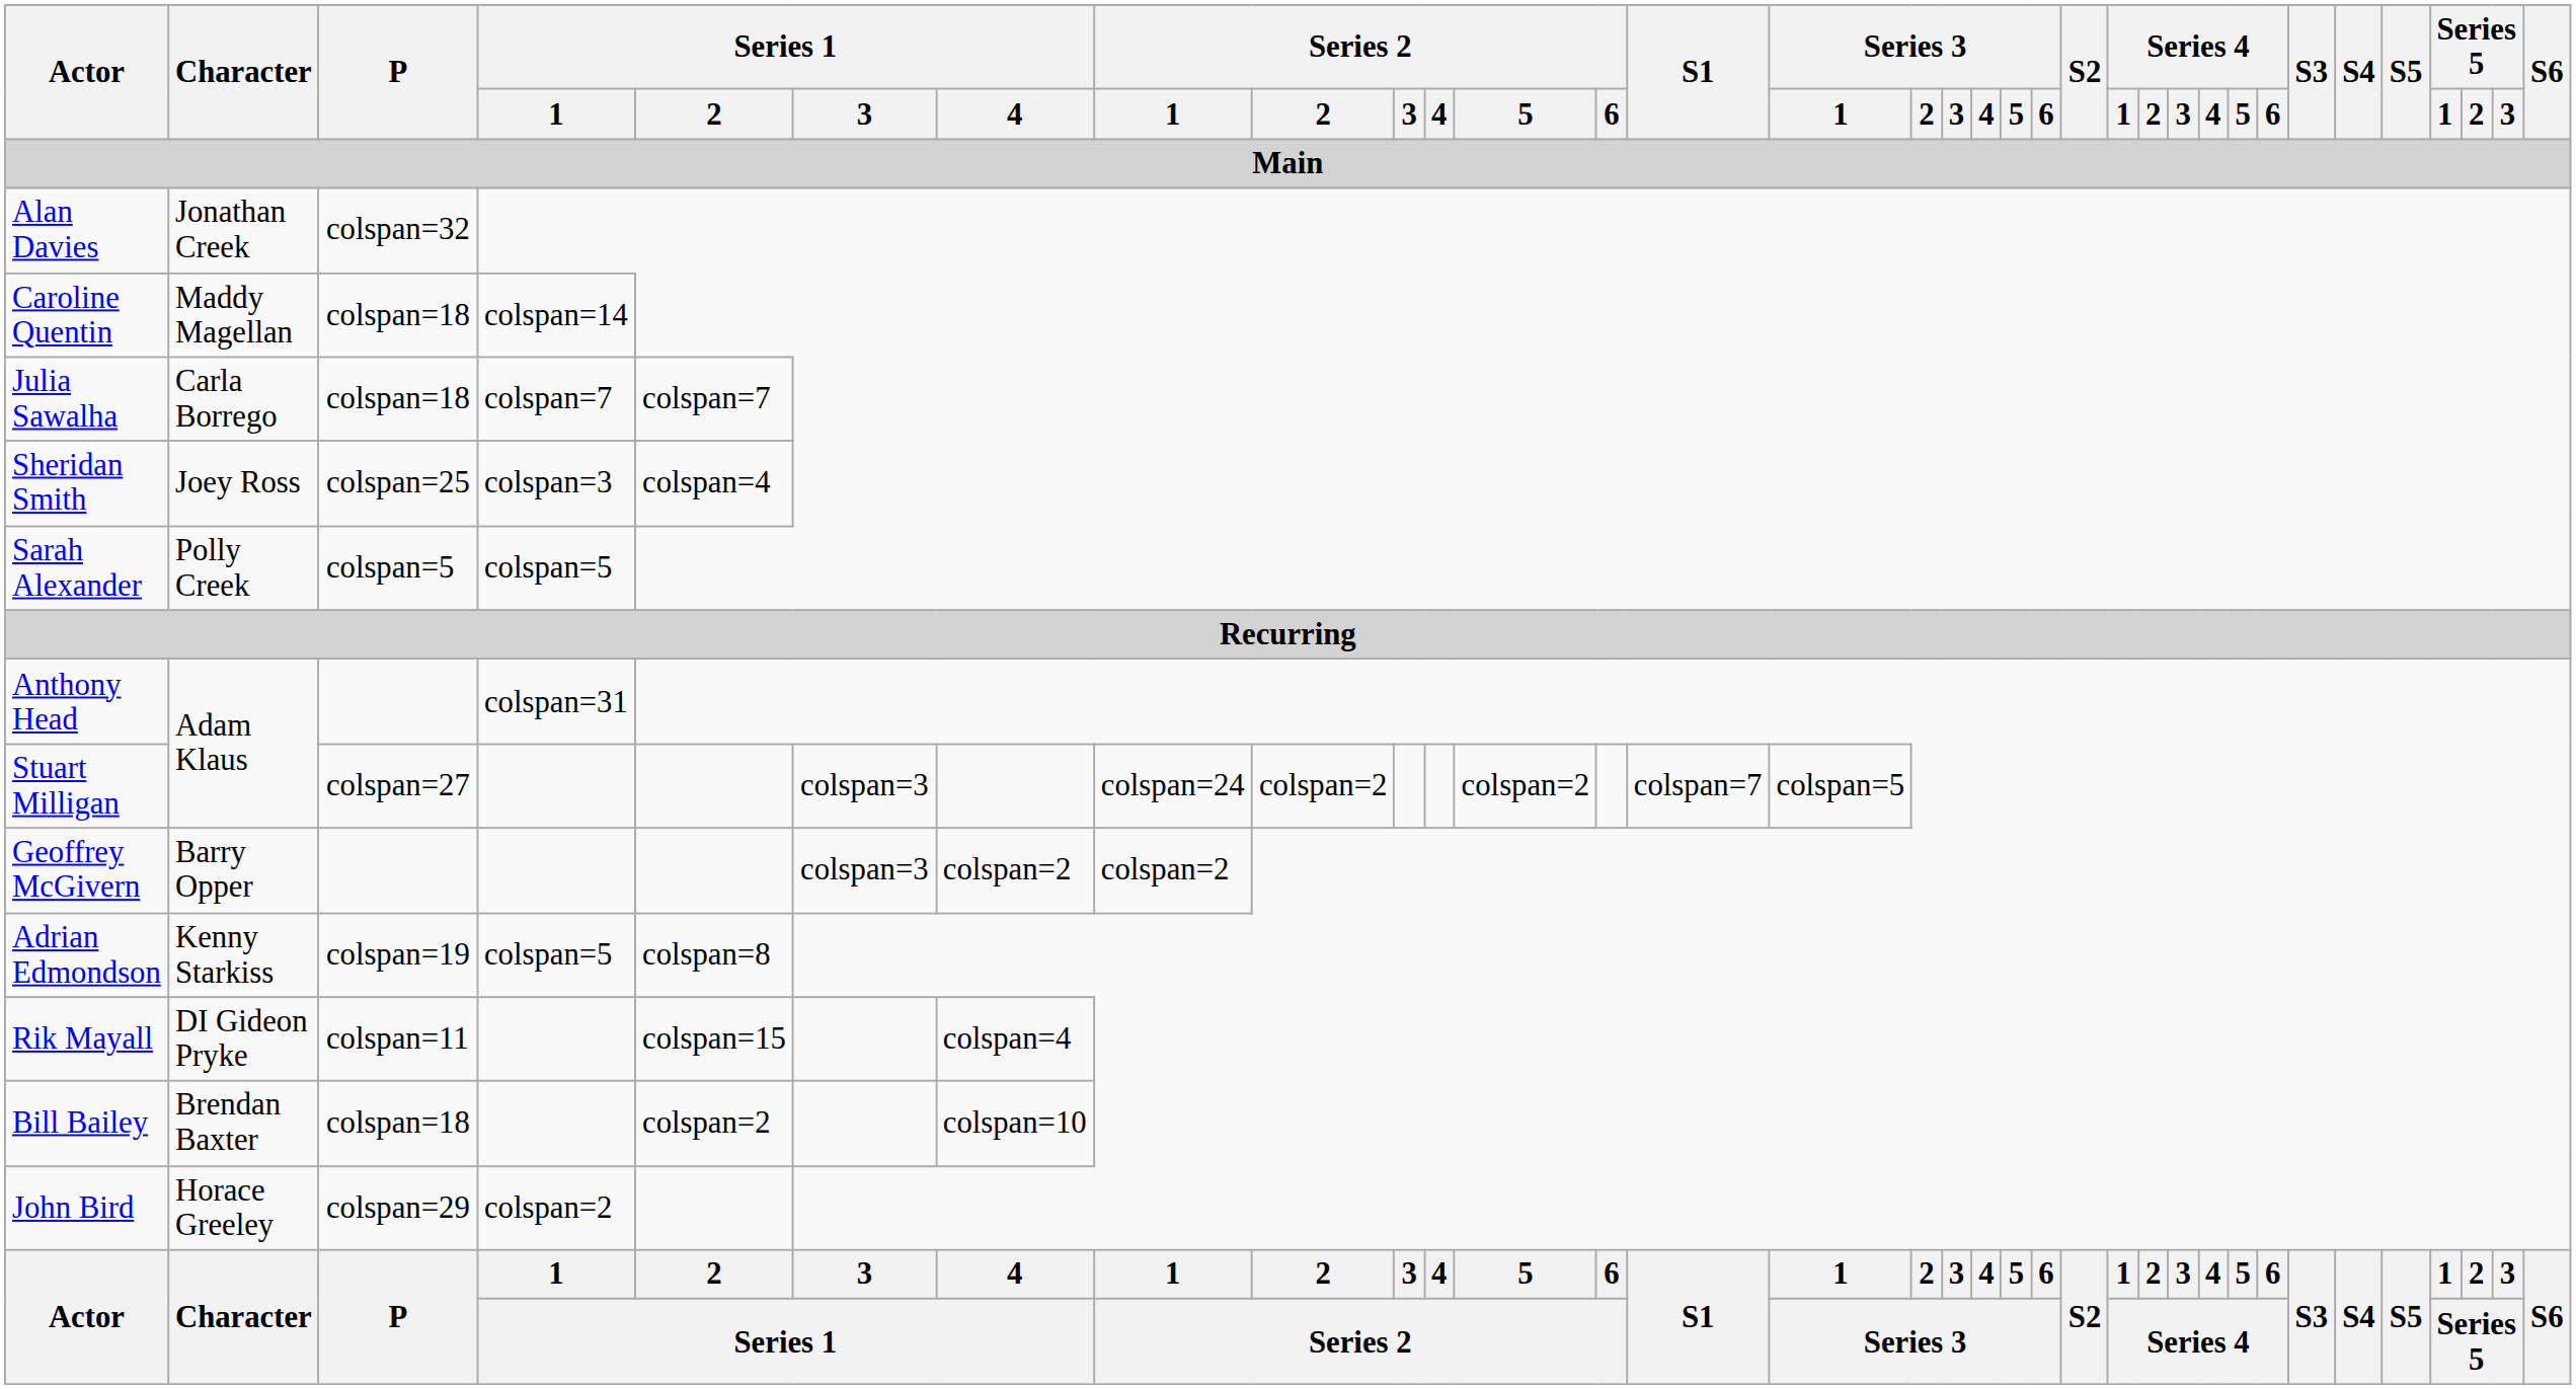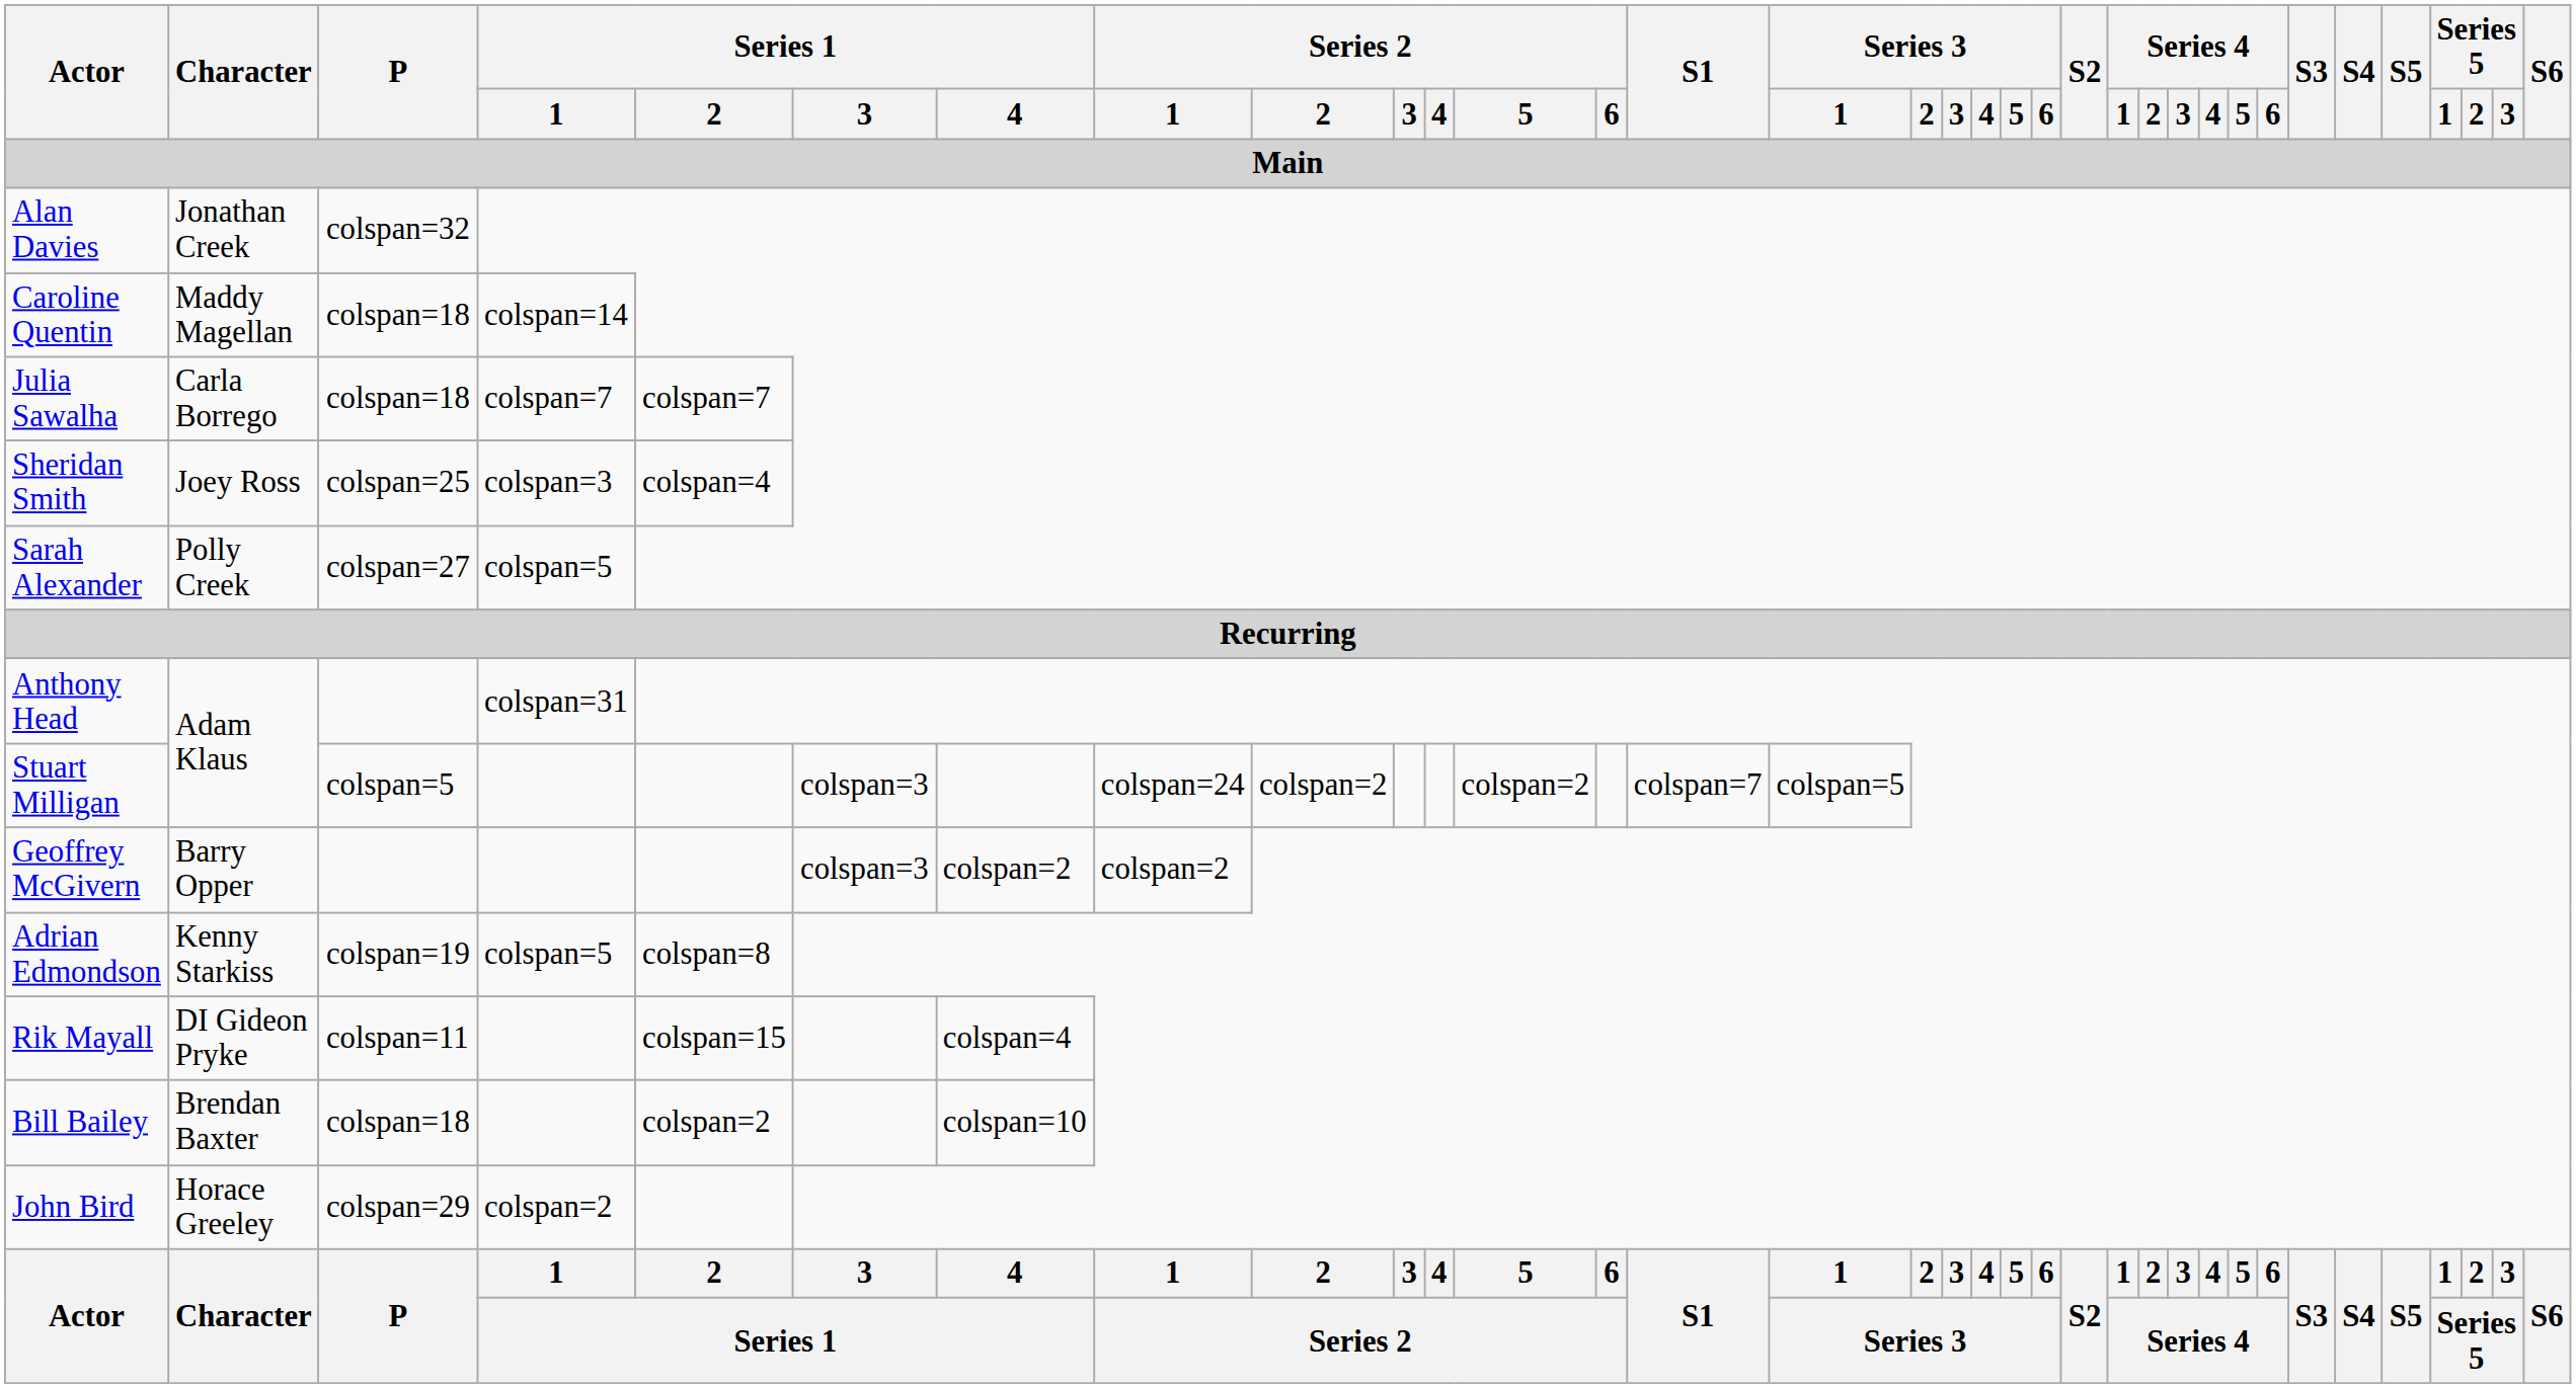 <table class="wikitable planrowheaders" style="width: 100%; margin-right: 0;">
 <tr>
 <th rowspan=2>Actor</th>
 <th rowspan=2>Character</th>
 <th rowspan=2>P</th>
 <th colspan=4>Series 1</th>
 <th colspan=6>Series 2</th>
 <th rowspan=2>S1</th>
 <th colspan=6>Series 3</th>
 <th rowspan=2>S2</th>
 <th colspan=6>Series 4</th>
 <th rowspan=2>S3</th>
 <th rowspan=2>S4</th>
 <th rowspan=2>S5</th>
 <th colspan=3>Series 5</th>
 <th rowspan=2>S6</th>
 </tr>
 <tr>
 <th>1</th>
 <th>2</th>
 <th>3</th>
 <th>4</th>
 <th>1</th>
 <th>2</th>
 <th>3</th>
 <th>4</th>
 <th>5</th>
 <th>6</th>
 <th>1</th>
 <th>2</th>
 <th>3</th>
 <th>4</th>
 <th>5</th>
 <th>6</th>
 <th>1</th>
 <th>2</th>
 <th>3</th>
 <th>4</th>
 <th>5</th>
 <th>6</th>
 <th>1</th>
 <th>2</th>
 <th>3</th>
 </tr>
 <tr>
 <th colspan="34" style="background:lightgrey;"><strong>Main</strong></th>
 </tr>
 <tr>
 <td><a href='#'>Alan Davies</a></td>
 <td>Jonathan Creek</td>
 <td>colspan=32 </td>
 </tr>
 <tr>
 <td><a href='#'>Caroline Quentin</a></td>
 <td>Maddy Magellan</td>
 <td>colspan=18 </td>
 <td>colspan=14 </td>
 </tr>
 <tr>
 <td><a href='#'>Julia Sawalha</a></td>
 <td>Carla Borrego</td>
 <td>colspan=18 </td>
 <td>colspan=7 </td>
 <td>colspan=7 </td>
 </tr>
 <tr>
 <td><a href='#'>Sheridan Smith</a></td>
 <td>Joey Ross</td>
 <td>colspan=25 </td>
 <td>colspan=3 </td>
 <td>colspan=4 </td>
 </tr>
 <tr>
 <td><a href='#'>Sarah Alexander</a></td>
 <td>Polly Creek</td>
-<td>colspan=5 </td>
+<td>colspan=27 </td>
 <td>colspan=5 </td>
 </tr>
 <tr>
 <th colspan="34" style="background:lightgrey;"><strong>Recurring</strong></th>
 </tr>
 <tr>
 <td><a href='#'>Anthony Head</a></td>
 <td rowspan=2>Adam Klaus</td>
 <td></td>
 <td>colspan=31 </td>
 </tr>
 <tr>
 <td><a href='#'>Stuart Milligan</a></td>
-<td>colspan=27 </td>
+<td>colspan=5 </td>
 <td></td>
 <td></td>
 <td>colspan=3 </td>
 <td></td>
 <td>colspan=24 </td>
 <td>colspan=2 </td>
 <td></td>
 <td></td>
 <td>colspan=2 </td>
 <td></td>
 <td>colspan=7 </td>
 <td>colspan=5 </td>
 </tr>
 <tr>
 <td><a href='#'>Geoffrey McGivern</a></td>
 <td>Barry Opper</td>
 <td></td>
 <td></td>
 <td></td>
 <td>colspan=3 </td>
 <td>colspan=2 </td>
 <td>colspan=2 </td>
 </tr>
 <tr>
 <td><a href='#'>Adrian Edmondson</a></td>
 <td>Kenny Starkiss</td>
 <td>colspan=19 </td>
 <td>colspan=5 </td>
 <td>colspan=8 </td>
 </tr>
 <tr>
 <td><a href='#'>Rik Mayall</a></td>
 <td>DI Gideon Pryke</td>
 <td>colspan=11 </td>
 <td></td>
 <td>colspan=15 </td>
 <td></td>
 <td>colspan=4 </td>
 </tr>
 <tr>
 <td><a href='#'>Bill Bailey</a></td>
 <td>Brendan Baxter</td>
 <td>colspan=18 </td>
 <td></td>
 <td>colspan=2 </td>
 <td></td>
 <td>colspan=10 </td>
 </tr>
 <tr>
 <td><a href='#'>John Bird</a></td>
 <td>Horace Greeley</td>
 <td>colspan=29 </td>
 <td>colspan=2 </td>
 <td></td>
 </tr>
 <tr>
 <th rowspan=2>Actor</th>
 <th rowspan=2>Character</th>
 <th rowspan=2>P</th>
 <th>1</th>
 <th>2</th>
 <th>3</th>
 <th>4</th>
 <th>1</th>
 <th>2</th>
 <th>3</th>
 <th>4</th>
 <th>5</th>
 <th>6</th>
 <th rowspan=2>S1</th>
 <th>1</th>
 <th>2</th>
 <th>3</th>
 <th>4</th>
 <th>5</th>
 <th>6</th>
 <th rowspan=2>S2</th>
 <th>1</th>
 <th>2</th>
 <th>3</th>
 <th>4</th>
 <th>5</th>
 <th>6</th>
 <th rowspan=2>S3</th>
 <th rowspan=2>S4</th>
 <th rowspan=2>S5</th>
 <th>1</th>
 <th>2</th>
 <th>3</th>
 <th rowspan=2>S6</th>
 </tr>
 <tr>
 <th colspan=4>Series 1</th>
 <th colspan=6>Series 2</th>
 <th colspan=6>Series 3</th>
 <th colspan=6>Series 4</th>
 <th colspan=3>Series 5</th>
 </tr>
 </table>
